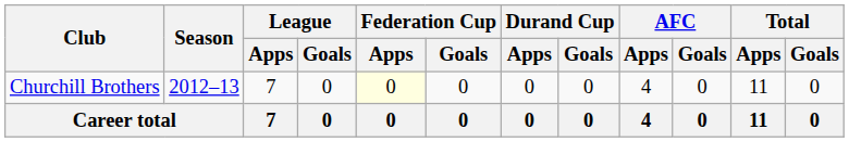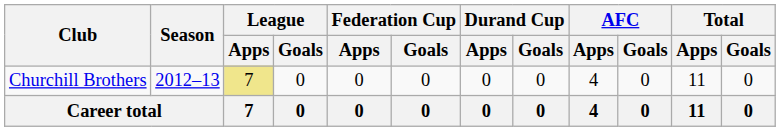 <table class="wikitable" style="font-size:90%; text-align:center;">
 <tr>
 <th rowspan="2">Club</th>
 <th rowspan="2">Season</th>
 <th colspan="2">League</th>
 <th colspan="2">Federation Cup</th>
 <th colspan="2">Durand Cup</th>
 <th colspan="2"><a href='#'>AFC</a></th>
 <th colspan="2">Total</th>
 </tr>
 <tr>
 <th>Apps</th>
 <th>Goals</th>
 <th>Apps</th>
 <th>Goals</th>
 <th>Apps</th>
 <th>Goals</th>
 <th>Apps</th>
 <th>Goals</th>
 <th>Apps</th>
 <th>Goals</th>
 </tr>
 <tr>
 <td rowspan="1"><a href='#'>Churchill Brothers</a></td>
 <td><a href='#'>2012–13</a></td>
-<td>7</td>
+<td style="background: khaki;">7</td>
 <td>0</td>
-<td style="background: lightyellow;">0</td>
+<td>0</td>
 <td>0</td>
 <td>0</td>
 <td>0</td>
 <td>4</td>
 <td>0</td>
 <td>11</td>
 <td>0</td>
 </tr>
 <tr>
 <th colspan="2">Career total</th>
 <th>7</th>
 <th>0</th>
 <th>0</th>
 <th>0</th>
 <th>0</th>
 <th>0</th>
 <th>4</th>
 <th>0</th>
 <th>11</th>
 <th>0</th>
 </tr>
 </table>
